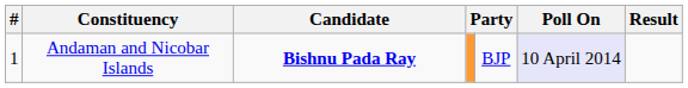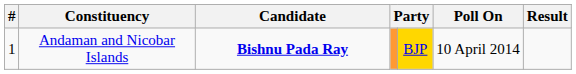 <table class="wikitable sortable" style="text-align:center;">
 <tr>
 <th>#</th>
 <th style="width:180px;">Constituency</th>
 <th style="width:200px;">Candidate</th>
 <th colspan="2">Party</th>
 <th>Poll On</th>
 <th>Result</th>
 </tr>
 <tr>
 <td style="text-align:center;">1</td>
 <td><a href='#'>Andaman and Nicobar Islands</a></td>
 <td><strong><a href='#'>Bishnu Pada Ray</a></strong></td>
 <td bgcolor=#FF9933></td>
-<td><a href='#'>BJP</a></td>
-<td style="background: lavender;">10 April 2014</td>
+<td style="background: gold;"><a href='#'>BJP</a></td>
+<td>10 April 2014</td>
 <td></td>
 </tr>
 </table>
